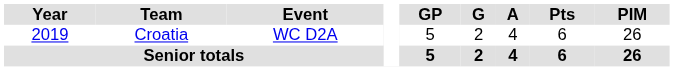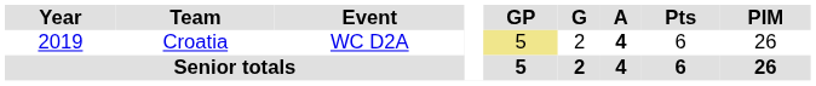 <table border="0" cellpadding="1" cellspacing="0" style="text-align:center; width:40em">
 <tr ALIGN="center" bgcolor="#e0e0e0">
 <th>Year</th>
 <th>Team</th>
 <th>Event</th>
 <th rowspan="99" bgcolor="#ffffff"> </th>
 <th>GP</th>
 <th>G</th>
 <th>A</th>
 <th>Pts</th>
 <th>PIM</th>
 </tr>
 <tr>
 <td><a href='#'>2019</a></td>
 <td><a href='#'>Croatia</a></td>
 <td><a href='#'>WC D2A</a></td>
-<td>5</td>
+<td style="background: khaki;">5</td>
 <td>2</td>
-<td>4</td>
+<td><strong>4</strong></td>
 <td>6</td>
 <td>26</td>
 </tr>
 <tr bgcolor="#e0e0e0">
 <th colspan="3">Senior totals</th>
 <th>5</th>
 <th>2</th>
 <th>4</th>
 <th>6</th>
 <th>26</th>
 </tr>
 </table>
